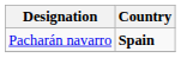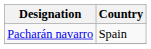 <table class="wikitable">
 <tr>
 <th>Designation</th>
 <th>Country</th>
 </tr>
 <tr>
 <td><a href='#'>Pacharán navarro</a></td>
-<td><strong>Spain</strong></td>
+<td>Spain</td>
 </tr>
 <tr>
 </tr>
 </table>
